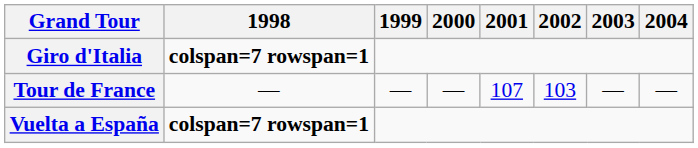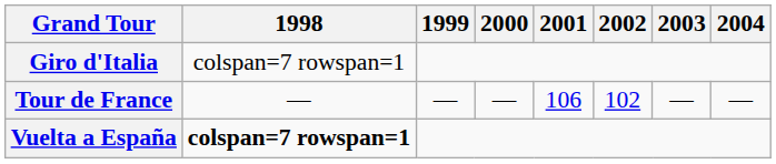 <table class="wikitable plainrowheaders">
 <tr>
 <th scope="col"><a href='#'>Grand Tour</a></th>
 <th scope="col">1998</th>
 <th scope="col">1999</th>
 <th scope="col">2000</th>
 <th scope="col">2001</th>
 <th scope="col">2002</th>
 <th scope="col">2003</th>
 <th scope="col">2004</th>
 </tr>
 <tr style="text-align:center;">
 <th scope="row"> <a href='#'>Giro d'Italia</a></th>
-<td><strong>colspan=7 rowspan=1 </strong></td>
+<td>colspan=7 rowspan=1 </td>
 </tr>
 <tr style="text-align:center;">
 <th scope="row"> <a href='#'>Tour de France</a></th>
 <td>—</td>
 <td>—</td>
 <td>—</td>
-<td style="text-align:center;"><a href='#'>107</a></td>
-<td style="text-align:center;"><a href='#'>103</a></td>
+<td style="text-align:center;"><a href='#'>106</a></td>
+<td style="text-align:center;"><a href='#'>102</a></td>
 <td>—</td>
 <td>—</td>
 </tr>
 <tr style="text-align:center;">
 <th scope="row"> <a href='#'>Vuelta a España</a></th>
 <td><strong>colspan=7 rowspan=1 </strong></td>
 </tr>
 </table>
